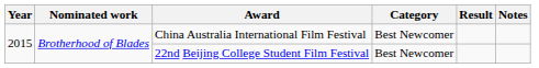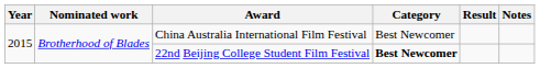 <table class="wikitable">
 <tr>
 <th>Year</th>
 <th>Nominated work</th>
 <th>Award</th>
 <th>Category</th>
 <th>Result</th>
 <th>Notes</th>
 </tr>
 <tr>
 <td rowspan=2>2015</td>
 <td rowspan=2><em><a href='#'>Brotherhood of Blades</a></em></td>
 <td>China Australia International Film Festival</td>
 <td>Best Newcomer</td>
 <td></td>
 <td></td>
 </tr>
 <tr>
 <td><a href='#'>22nd</a> <a href='#'>Beijing College Student Film Festival</a></td>
-<td>Best Newcomer</td>
+<td><strong>Best Newcomer</strong></td>
 <td></td>
 <td></td>
 </tr>
 </table>
